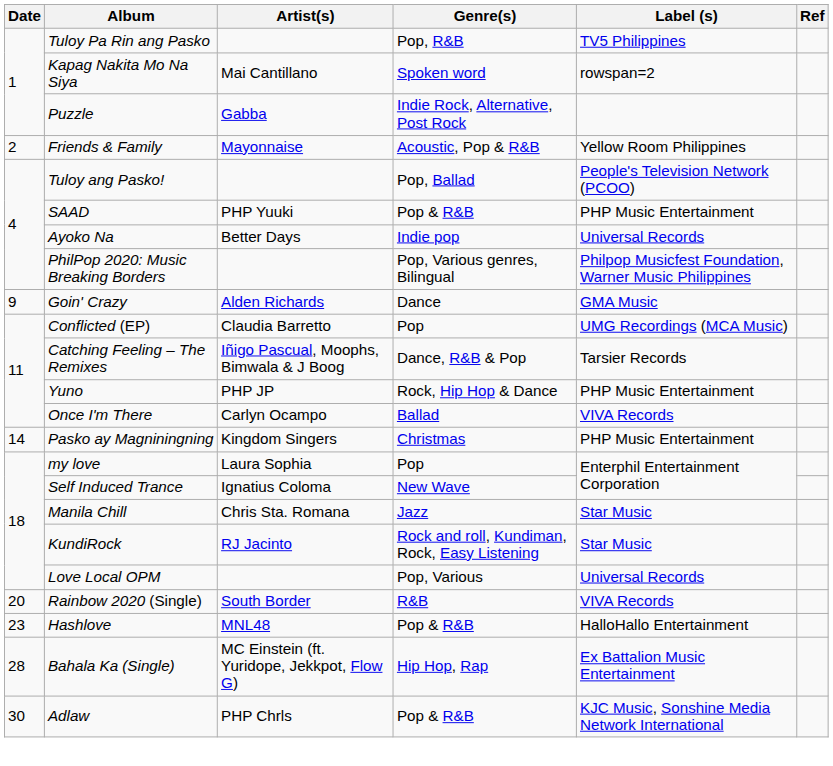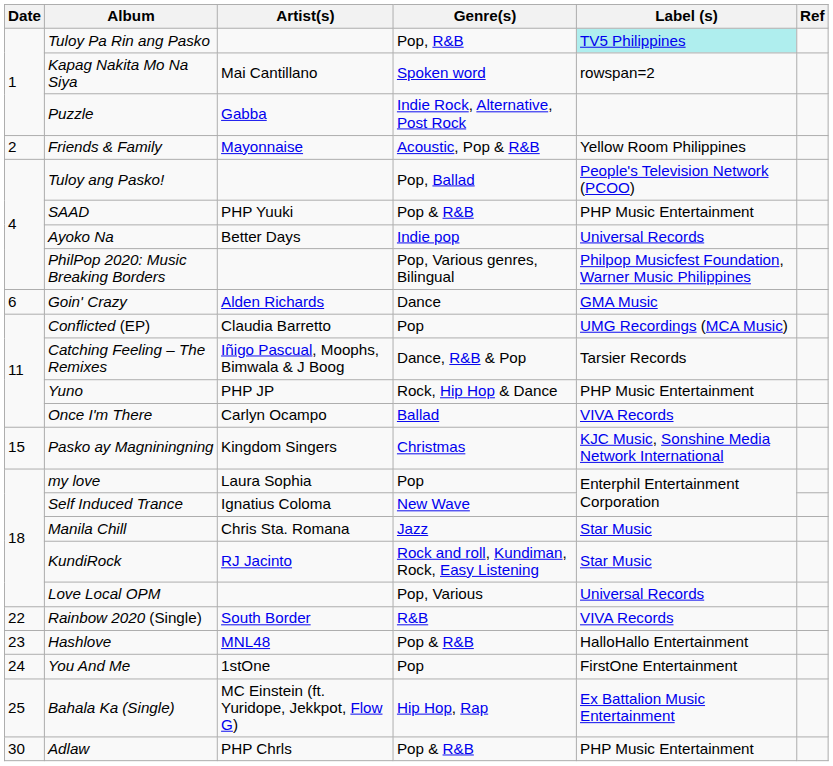 <table class="wikitable">
 <tr>
 <th>Date</th>
 <th>Album</th>
 <th>Artist(s)</th>
 <th>Genre(s)</th>
 <th>Label (s)</th>
 <th>Ref</th>
 </tr>
 <tr>
 <td rowspan=3>1</td>
 <td><em>Tuloy Pa Rin ang Pasko</em></td>
 <td></td>
 <td>Pop, <a href='#'>R&B</a></td>
-<td><a href='#'>TV5 Philippines</a></td>
+<td style="background: paleturquoise;"><a href='#'>TV5 Philippines</a></td>
 <td></td>
 </tr>
 <tr>
 <td><em>Kapag Nakita Mo Na Siya</em></td>
 <td>Mai Cantillano</td>
 <td><a href='#'>Spoken word</a></td>
 <td>rowspan=2 </td>
 <td></td>
 </tr>
 <tr>
 <td><em>Puzzle</em></td>
 <td><a href='#'>Gabba</a></td>
 <td><a href='#'>Indie Rock</a>, <a href='#'>Alternative</a>, <a href='#'>Post Rock</a></td>
 <td></td>
 </tr>
 <tr>
 <td>2</td>
 <td><em>Friends & Family</em></td>
 <td><a href='#'>Mayonnaise</a></td>
 <td><a href='#'>Acoustic</a>, Pop & <a href='#'>R&B</a></td>
 <td>Yellow Room Philippines</td>
 <td></td>
 </tr>
 <tr>
 <td rowspan=4>4</td>
 <td><em>Tuloy ang Pasko!</em></td>
 <td></td>
 <td>Pop, <a href='#'>Ballad</a></td>
 <td><a href='#'>People's Television Network</a> (<a href='#'>PCOO</a>)</td>
 <td></td>
 </tr>
 <tr>
 <td><em>SAAD</em></td>
 <td>PHP Yuuki</td>
 <td>Pop & <a href='#'>R&B</a></td>
 <td>PHP Music Entertainment</td>
 <td></td>
 </tr>
 <tr>
 <td><em>Ayoko Na</em></td>
 <td>Better Days</td>
 <td><a href='#'>Indie pop</a></td>
 <td><a href='#'>Universal Records</a></td>
 <td></td>
 </tr>
 <tr>
 <td><em>PhilPop 2020: Music Breaking Borders</em></td>
 <td></td>
 <td>Pop, Various genres, Bilingual</td>
 <td><a href='#'>Philpop Musicfest Foundation</a>, <a href='#'>Warner Music Philippines</a></td>
 <td></td>
 </tr>
 <tr>
-<td>9</td>
+<td>6</td>
 <td><em>Goin' Crazy</em></td>
 <td><a href='#'>Alden Richards</a></td>
 <td>Dance</td>
 <td><a href='#'>GMA Music</a></td>
 <td></td>
 </tr>
 <tr>
 <td rowspan=4>11</td>
 <td><em>Conflicted</em> (EP)</td>
 <td>Claudia Barretto</td>
 <td>Pop</td>
 <td><a href='#'>UMG Recordings</a> (<a href='#'>MCA Music</a>)</td>
 <td></td>
 </tr>
 <tr>
 <td><em>Catching Feeling – The Remixes</em></td>
 <td><a href='#'>Iñigo Pascual</a>, Moophs, Bimwala & J Boog</td>
 <td>Dance, <a href='#'>R&B</a> & Pop</td>
 <td>Tarsier Records</td>
 <td></td>
 </tr>
 <tr>
 <td><em>Yuno</em></td>
 <td>PHP JP</td>
 <td>Rock, <a href='#'>Hip Hop</a> & Dance</td>
 <td>PHP Music Entertainment</td>
 <td></td>
 </tr>
 <tr>
 <td><em>Once I'm There</em></td>
 <td>Carlyn Ocampo</td>
 <td><a href='#'>Ballad</a></td>
 <td><a href='#'>VIVA Records</a></td>
 <td></td>
 </tr>
 <tr>
-<td>14</td>
+<td>15</td>
 <td><em>Pasko ay Magniningning</em></td>
 <td>Kingdom Singers</td>
 <td><a href='#'>Christmas</a></td>
-<td>PHP Music Entertainment</td>
+<td><a href='#'>KJC Music</a>, <a href='#'>Sonshine Media Network International</a></td>
 <td></td>
 </tr>
 <tr>
 <td rowspan=5>18</td>
 <td><em>my love</em></td>
 <td>Laura Sophia</td>
 <td>Pop</td>
 <td rowspan=2>Enterphil Entertainment Corporation</td>
 <td></td>
 </tr>
 <tr>
 <td><em>Self Induced Trance</em></td>
 <td>Ignatius Coloma</td>
 <td><a href='#'>New Wave</a></td>
 <td></td>
 </tr>
 <tr>
 <td><em>Manila Chill</em></td>
 <td>Chris Sta. Romana</td>
 <td><a href='#'>Jazz</a></td>
 <td><a href='#'>Star Music</a></td>
 <td></td>
 </tr>
 <tr>
 <td><em>KundiRock</em></td>
 <td><a href='#'>RJ Jacinto</a></td>
 <td><a href='#'>Rock and roll</a>, <a href='#'>Kundiman</a>, Rock, <a href='#'>Easy Listening</a></td>
 <td><a href='#'>Star Music</a></td>
 <td></td>
 </tr>
 <tr>
 <td><em>Love Local OPM</em></td>
 <td></td>
 <td>Pop, Various</td>
 <td><a href='#'>Universal Records</a></td>
 <td></td>
 </tr>
 <tr>
-<td>20</td>
+<td>22</td>
 <td><em>Rainbow 2020</em> (Single)</td>
 <td><a href='#'>South Border</a></td>
 <td><a href='#'>R&B</a></td>
 <td><a href='#'>VIVA Records</a></td>
 <td></td>
 </tr>
 <tr>
 <td>23</td>
 <td><em>Hashlove</em></td>
 <td><a href='#'>MNL48</a></td>
 <td>Pop & <a href='#'>R&B</a></td>
 <td>HalloHallo Entertainment</td>
 <td></td>
 </tr>
 <tr>
-<td>28</td>
+<td>24</td>
+<td><em>You And Me</em></td>
+<td>1stOne</td>
+<td>Pop</td>
+<td>FirstOne Entertainment</td>
+<td></td>
+</tr>
+<tr>
+<td>25</td>
 <td><em>Bahala Ka (Single)</em></td>
 <td>MC Einstein (ft. Yuridope, Jekkpot, <a href='#'>Flow G</a>)</td>
 <td><a href='#'>Hip Hop</a>, <a href='#'>Rap</a></td>
 <td><a href='#'>Ex Battalion Music Entertainment</a></td>
 <td></td>
 </tr>
 <tr>
 <td>30</td>
 <td><em>Adlaw</em></td>
 <td>PHP Chrls</td>
 <td>Pop & <a href='#'>R&B</a></td>
-<td><a href='#'>KJC Music</a>, <a href='#'>Sonshine Media Network International</a></td>
+<td>PHP Music Entertainment</td>
 <td></td>
 </tr>
 </table>
